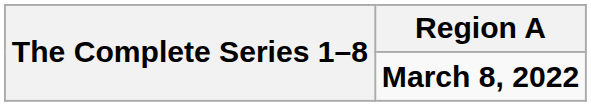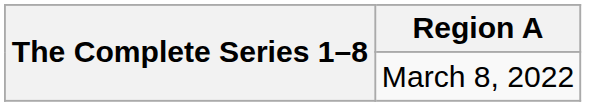 <table class="wikitable">
 <tr>
 <th scope="col" rowspan="2">The Complete Series 1–8</th>
 <th scope="col">Region A</th>
 </tr>
 <tr>
-<td><strong>March 8, 2022</strong></td>
+<td>March 8, 2022</td>
 </tr>
 </table>
